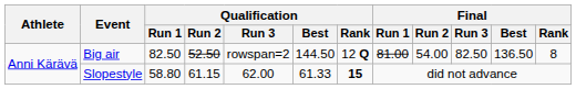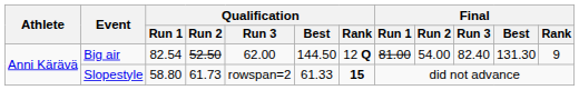 <table class=wikitable style=font-size:90%;text-align:center>
 <tr>
 <th rowspan=2>Athlete</th>
 <th rowspan=2>Event</th>
 <th colspan=5>Qualification</th>
 <th colspan=5>Final</th>
 </tr>
 <tr style=font-size:95%>
 <th>Run 1</th>
 <th>Run 2</th>
 <th>Run 3</th>
 <th>Best</th>
 <th>Rank</th>
 <th>Run 1</th>
 <th>Run 2</th>
 <th>Run 3</th>
 <th>Best</th>
 <th>Rank</th>
 </tr>
 <tr>
 <td align=left rowspan=2><a href='#'>Anni Kärävä</a></td>
 <td align=left><a href='#'>Big air</a></td>
-<td>82.50</td>
+<td>82.54</td>
 <td><s>52.50</s></td>
-<td>rowspan=2 </td>
+<td>62.00</td>
 <td>144.50</td>
 <td>12 <strong>Q</strong></td>
 <td><s>81.00</s></td>
 <td>54.00</td>
-<td>82.50</td>
-<td>136.50</td>
-<td>8</td>
+<td>82.40</td>
+<td>131.30</td>
+<td>9</td>
 </tr>
 <tr>
 <td align=left><a href='#'>Slopestyle</a></td>
 <td>58.80</td>
-<td>61.15</td>
-<td>62.00</td>
+<td>61.73</td>
+<td>rowspan=2 </td>
 <td>61.33</td>
 <td><strong>15</strong></td>
 <td colspan=5>did not advance</td>
 </tr>
 </table>
